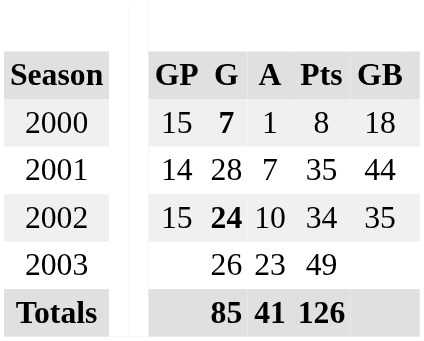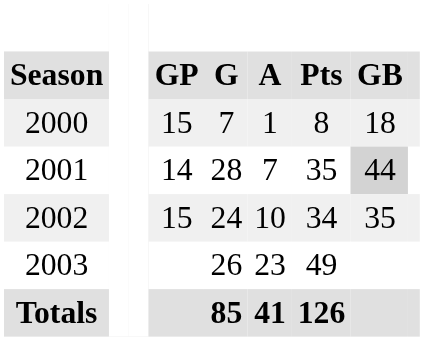 <table BORDER="0" CELLPADDING="3" CELLSPACING="0">
 <tr ALIGN="center" bgcolor="#e0e0e0">
 <th colspan="1" bgcolor="#ffffff"> </th>
 <th rowspan="99" bgcolor="#ffffff"> </th>
 <th rowspan="99" bgcolor="#ffffff"> </th>
 </tr>
 <tr ALIGN="center" bgcolor="#e0e0e0">
 <th>Season</th>
 <th>GP</th>
 <th>G</th>
 <th>A</th>
 <th>Pts</th>
 <th>GB</th>
 <th></th>
 </tr>
 <tr ALIGN="center" bgcolor="#f0f0f0">
 <td>2000</td>
 <td>15</td>
-<td><strong>7</strong></td>
+<td>7</td>
 <td>1</td>
 <td>8</td>
 <td>18</td>
 <td></td>
 </tr>
 <tr ALIGN="center">
 <td>2001</td>
 <td>14</td>
 <td>28</td>
 <td>7</td>
 <td>35</td>
-<td>44</td>
+<td style="background: lightgrey;">44</td>
 <td></td>
 </tr>
 <tr ALIGN="center" bgcolor="#f0f0f0">
 <td>2002</td>
 <td>15</td>
-<td><strong>24</strong></td>
+<td>24</td>
 <td>10</td>
 <td>34</td>
 <td>35</td>
 <td></td>
 </tr>
 <tr ALIGN="center">
 <td>2003</td>
 <td></td>
 <td>26</td>
 <td>23</td>
 <td>49</td>
 <td></td>
 <td></td>
 </tr>
 <tr ALIGN="center" bgcolor="#e0e0e0">
 <th colspan="1.5">Totals</th>
 <th></th>
 <th>85</th>
 <th>41</th>
 <th>126</th>
 <th></th>
 <th></th>
 </tr>
 </table>
